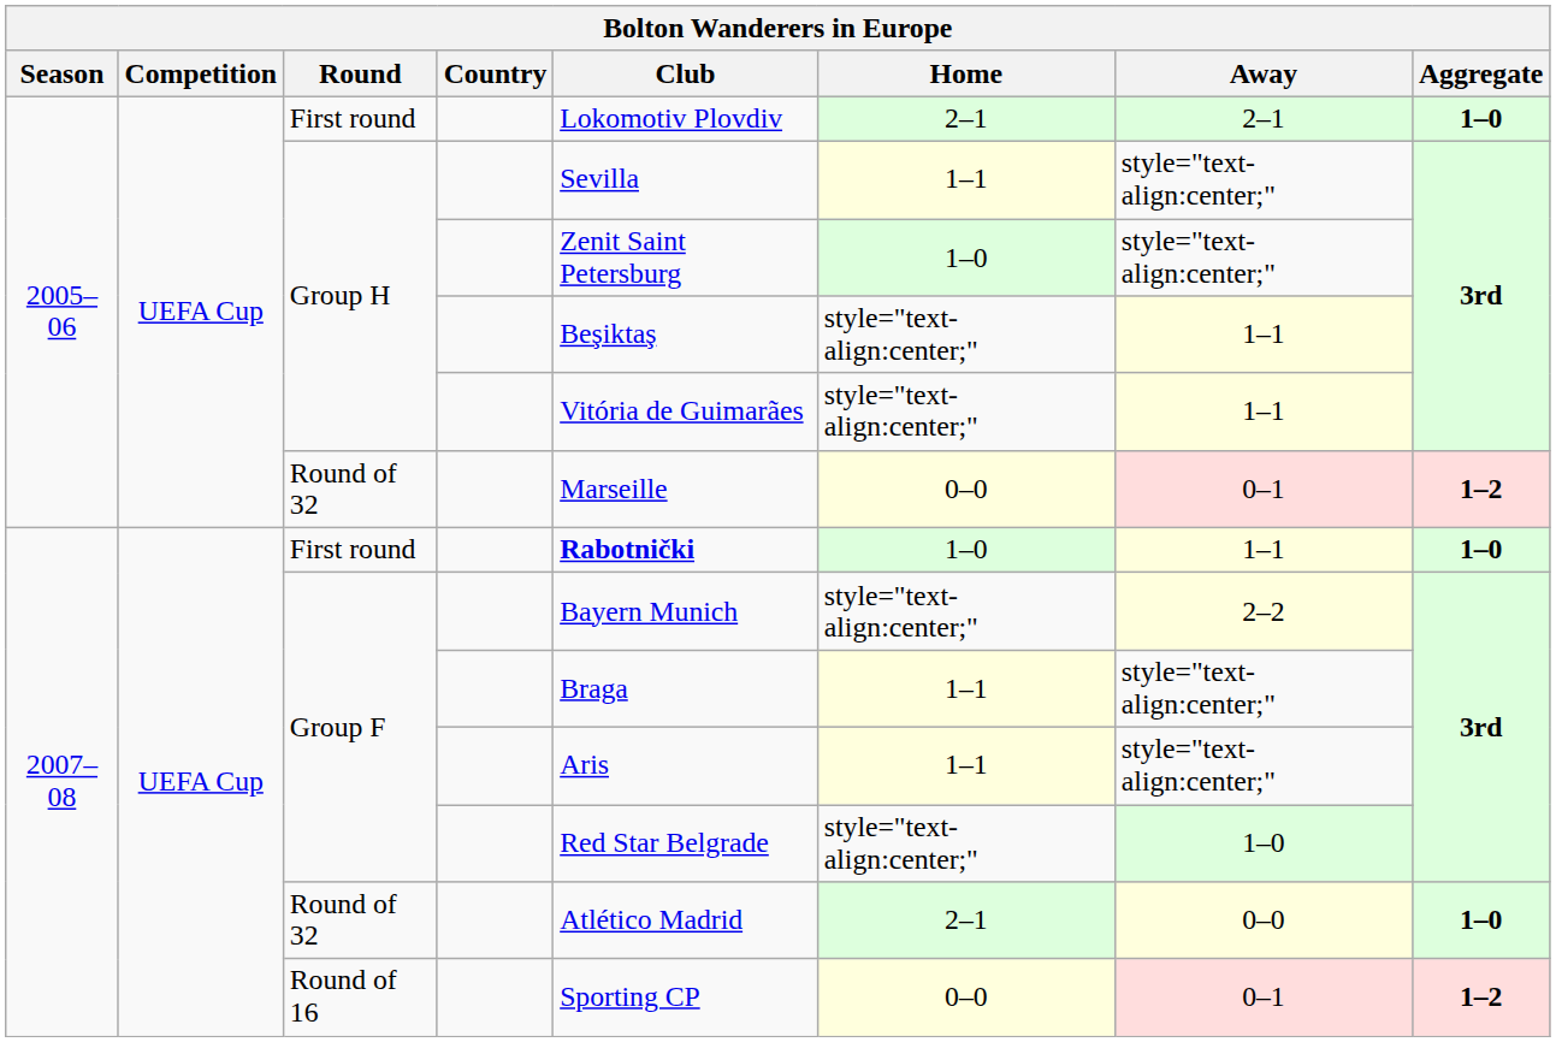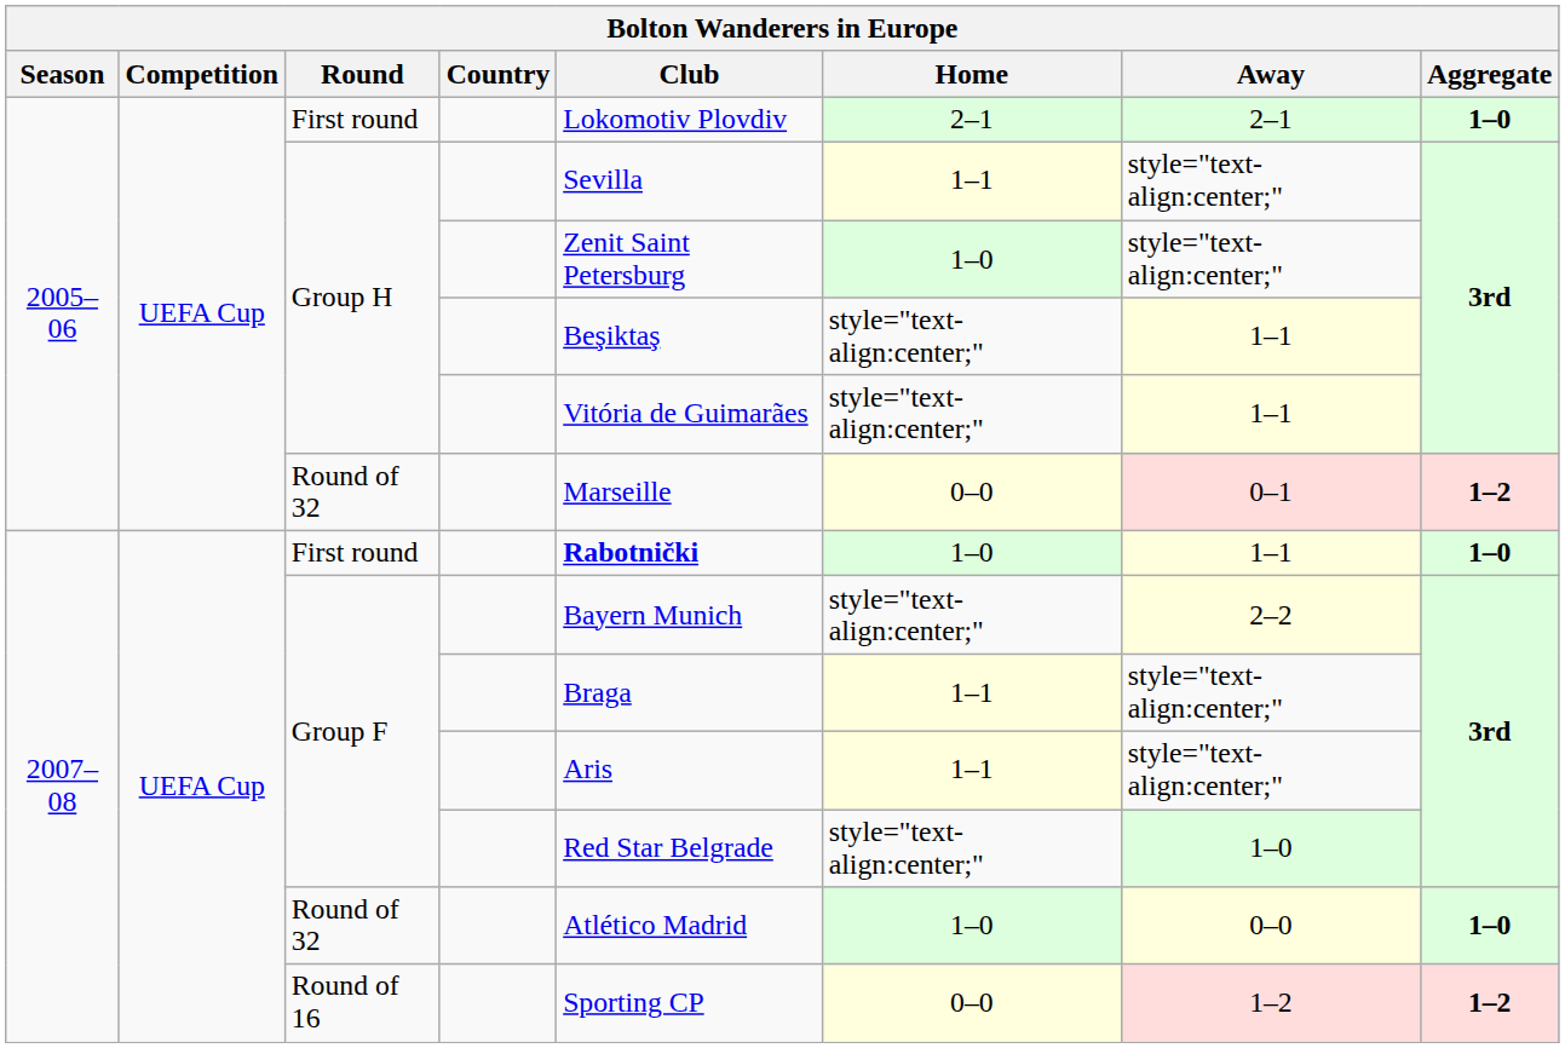 <table class="wikitable">
 <tr>
 <th colspan="9"><strong>Bolton Wanderers in Europe</strong></th>
 </tr>
 <tr>
 <th>Season</th>
 <th>Competition</th>
 <th>Round</th>
 <th>Country</th>
 <th>Club</th>
 <th>Home</th>
 <th>Away</th>
 <th>Aggregate</th>
 </tr>
 <tr>
 <td rowspan=6; style="text-align:center;"><a href='#'>2005–06</a></td>
 <td rowspan=6; style="text-align:center;"><a href='#'>UEFA Cup</a></td>
 <td>First round</td>
 <td style="text-align:center;"></td>
 <td><a href='#'>Lokomotiv Plovdiv</a></td>
 <td style="text-align:center; background:#dfd;">2–1</td>
 <td style="text-align:center; background:#dfd;">2–1</td>
 <td style="text-align:center; background:#dfd;"><strong>1–0</strong></td>
 </tr>
 <tr>
 <td rowspan=4>Group H</td>
 <td style="text-align:center;"></td>
 <td><a href='#'>Sevilla</a></td>
 <td style="text-align:center; background:#ffd;">1–1</td>
 <td>style="text-align:center;" </td>
 <td rowspan=4; style="text-align:center; background:#dfd;"><strong>3rd</strong></td>
 </tr>
 <tr>
 <td style="text-align:center;"></td>
 <td><a href='#'>Zenit Saint Petersburg</a></td>
 <td style="text-align:center; background:#dfd;">1–0</td>
 <td>style="text-align:center;" </td>
 </tr>
 <tr>
 <td style="text-align:center;"></td>
 <td><a href='#'>Beşiktaş</a></td>
 <td>style="text-align:center;" </td>
 <td style="text-align:center; background:#ffd;">1–1</td>
 </tr>
 <tr>
 <td style="text-align:center;"></td>
 <td><a href='#'>Vitória de Guimarães</a></td>
 <td>style="text-align:center;" </td>
 <td style="text-align:center; background:#ffd;">1–1</td>
 </tr>
 <tr>
 <td>Round of 32</td>
 <td style="text-align:center;"></td>
 <td><a href='#'>Marseille</a></td>
 <td style="text-align:center; background:#ffd;">0–0</td>
 <td style="text-align:center; background:#fdd;">0–1</td>
 <td style="text-align:center; background:#fdd;"><strong>1–2</strong></td>
 </tr>
 <tr>
 <td rowspan=7; style="text-align:center;"><a href='#'>2007–08</a></td>
 <td rowspan=7; style="text-align:center;"><a href='#'>UEFA Cup</a></td>
 <td>First round</td>
 <td style="text-align:center;"></td>
 <td><strong><a href='#'>Rabotnički</a></strong></td>
 <td style="text-align:center; background:#dfd;">1–0</td>
 <td style="text-align:center; background:#ffd;">1–1</td>
 <td style="text-align:center; background:#dfd;"><strong>1–0</strong></td>
 </tr>
 <tr>
 <td rowspan=4>Group F</td>
 <td style="text-align:center;"></td>
 <td><a href='#'>Bayern Munich</a></td>
 <td>style="text-align:center;" </td>
 <td style="text-align:center; background:#ffd;">2–2</td>
 <td rowspan=4; style="text-align:center; background:#dfd;"><strong>3rd</strong></td>
 </tr>
 <tr>
 <td style="text-align:center;"></td>
 <td><a href='#'>Braga</a></td>
 <td style="text-align:center; background:#ffd;">1–1</td>
 <td>style="text-align:center;" </td>
 </tr>
 <tr>
 <td style="text-align:center;"></td>
 <td><a href='#'>Aris</a></td>
 <td style="text-align:center; background:#ffd;">1–1</td>
 <td>style="text-align:center;" </td>
 </tr>
 <tr>
 <td style="text-align:center;"></td>
 <td><a href='#'>Red Star Belgrade</a></td>
 <td>style="text-align:center;" </td>
 <td style="text-align:center; background:#dfd;">1–0</td>
 </tr>
 <tr>
 <td>Round of 32</td>
 <td style="text-align:center;"></td>
 <td><a href='#'>Atlético Madrid</a></td>
-<td style="text-align:center; background:#dfd;">2–1</td>
+<td style="text-align:center; background:#dfd;">1–0</td>
 <td style="text-align:center; background:#ffd;">0–0</td>
 <td style="text-align:center; background:#dfd;"><strong>1–0</strong></td>
 </tr>
 <tr>
 <td>Round of 16</td>
 <td style="text-align:center;"></td>
 <td><a href='#'>Sporting CP</a></td>
 <td style="text-align:center; background:#ffd;">0–0</td>
-<td style="text-align:center; background:#fdd;">0–1</td>
+<td style="text-align:center; background:#fdd;">1–2</td>
 <td style="text-align:center; background:#fdd;"><strong>1–2</strong></td>
 </tr>
 </table>
